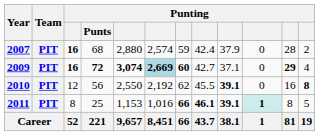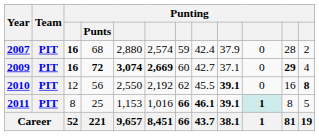 <table class=wikitable style="text-align:center;">
 <tr>
 <th rowspan="2">Year</th>
 <th rowspan="2">Team</th>
 <th colspan="10">Punting</th>
 </tr>
 <tr>
 <th></th>
 <th>Punts</th>
 <th></th>
 <th></th>
 <th></th>
 <th></th>
 <th></th>
 <th></th>
 <th></th>
 <th></th>
 </tr>
 <tr>
 <th><a href='#'>2007</a></th>
 <th><a href='#'>PIT</a></th>
 <td><strong>16</strong></td>
 <td>68</td>
 <td>2,880</td>
 <td>2,574</td>
 <td>59</td>
 <td>42.4</td>
 <td>37.9</td>
 <td>0</td>
 <td>28</td>
 <td>2</td>
 </tr>
 <tr>
 <th><a href='#'>2009</a></th>
 <th><a href='#'>PIT</a></th>
 <td><strong>16</strong></td>
 <td><strong>72</strong></td>
 <td><strong>3,074</strong></td>
-<td style="background: lightblue;"><strong>2,669</strong></td>
-<td><strong>60</strong></td>
+<td><strong>2,669</strong></td>
+<td>60</td>
 <td>42.7</td>
 <td>37.1</td>
 <td>0</td>
 <td><strong>29</strong></td>
 <td>4</td>
 </tr>
 <tr>
 <th><a href='#'>2010</a></th>
 <th><a href='#'>PIT</a></th>
 <td>12</td>
 <td>56</td>
 <td>2,550</td>
 <td>2,192</td>
 <td>62</td>
 <td>45.5</td>
 <td><strong>39.1</strong></td>
 <td>0</td>
 <td>16</td>
 <td><strong>8</strong></td>
 </tr>
 <tr>
 <th><a href='#'>2011</a></th>
 <th><a href='#'>PIT</a></th>
 <td>8</td>
 <td>25</td>
 <td>1,153</td>
 <td>1,016</td>
 <td><strong>66</strong></td>
 <td><strong>46.1</strong></td>
 <td><strong>39.1</strong></td>
 <td style="background:#cfecec; width:3em;"><strong>1</strong></td>
 <td>8</td>
 <td>5</td>
 </tr>
 <tr>
 <th colspan="2">Career</th>
 <th>52</th>
 <th>221</th>
 <th>9,657</th>
 <th>8,451</th>
 <th>66</th>
 <th>43.7</th>
 <th>38.1</th>
 <th>1</th>
 <th>81</th>
 <th>19</th>
 </tr>
 </table>
